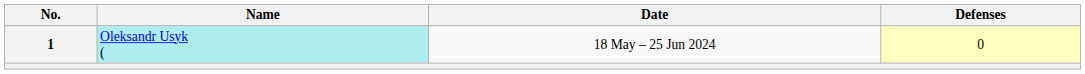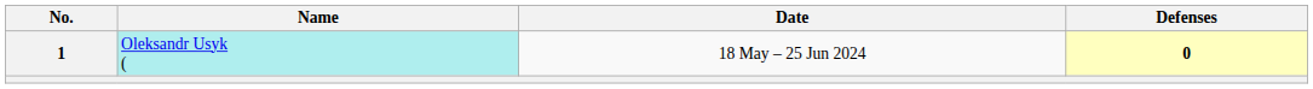 <table class="wikitable sortable" style="width:80%">
 <tr>
 <th>No.</th>
 <th>Name</th>
 <th>Date</th>
 <th>Defenses</th>
 </tr>
 <tr align=center>
 <th>1</th>
 <td align=left style="background: paleturquoise;"><a href='#'>Oleksandr Usyk</a><br>(</td>
 <td>18 May – 25 Jun 2024</td>
-<td style="background:#ffffbf;">0</td>
+<td style="background:#ffffbf;"><strong>0</strong></td>
 </tr>
 <tr align=center>
 <th colspan=4></th>
 </tr>
 </table>
